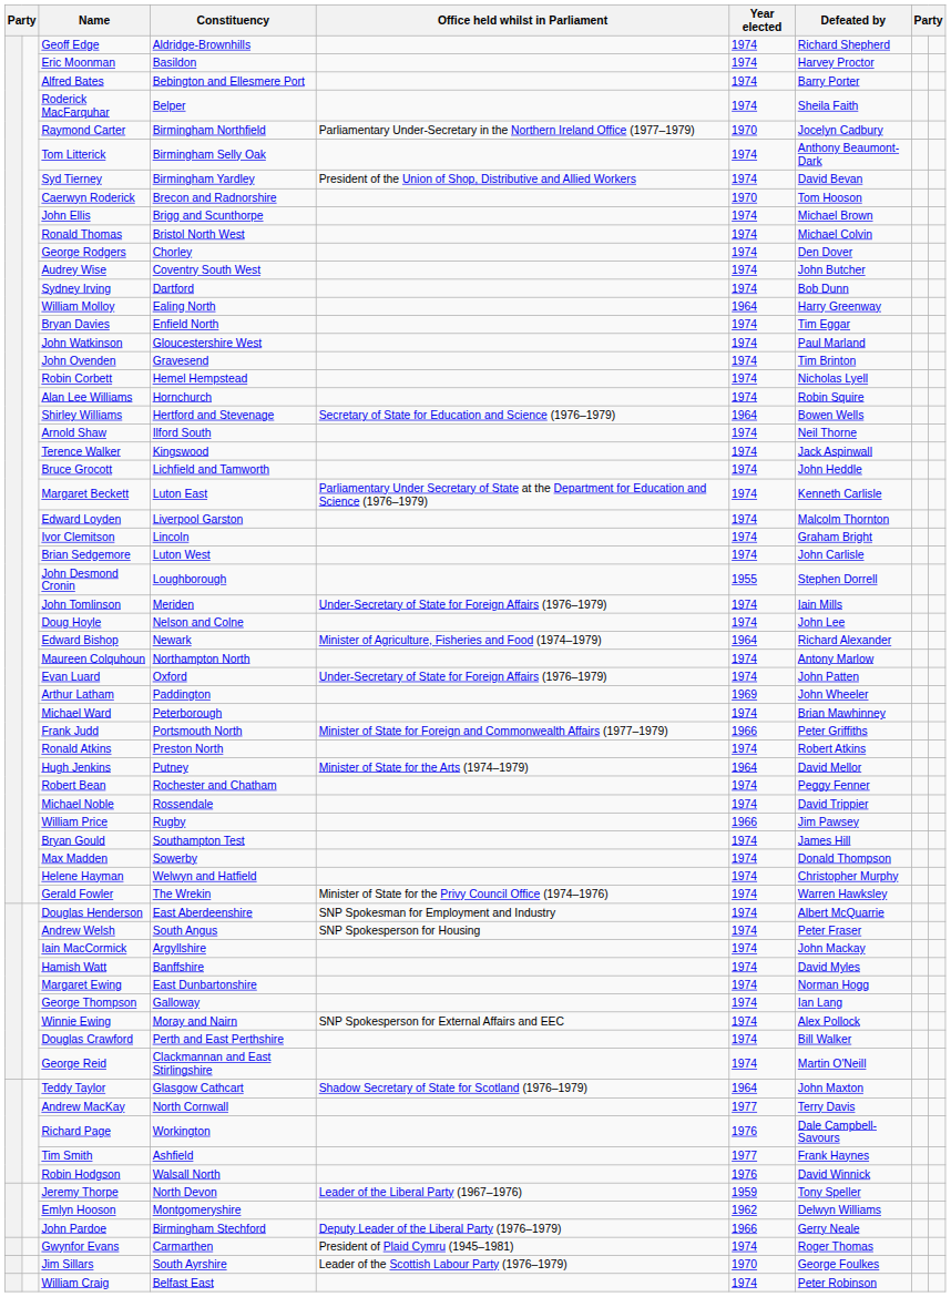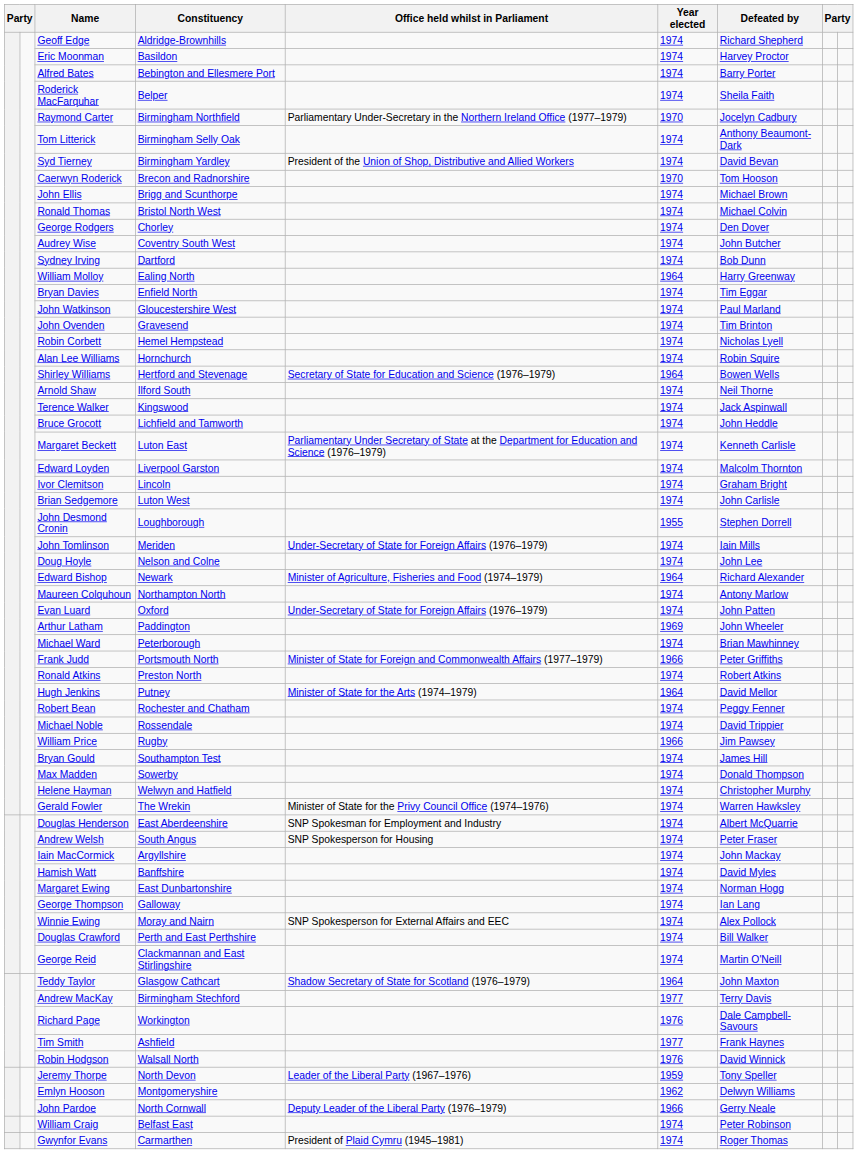 <table class="wikitable sortable" style="font-size: 95%;">
 <tr>
 <th colspan="2">Party</th>
 <th>Name</th>
 <th>Constituency</th>
 <th>Office held whilst in Parliament</th>
 <th>Year elected</th>
 <th>Defeated by</th>
 <th colspan="2">Party</th>
 </tr>
 <tr>
 <th rowspan=45 style="background-color: "></th>
 <td rowspan=45></td>
 <td><a href='#'>Geoff Edge</a></td>
 <td><a href='#'>Aldridge-Brownhills</a></td>
 <td></td>
 <td><a href='#'>1974</a></td>
 <td><a href='#'>Richard Shepherd</a></td>
 <td style="background-color: "></td>
 <td></td>
 </tr>
 <tr>
 <td><a href='#'>Eric Moonman</a></td>
 <td><a href='#'>Basildon</a></td>
 <td></td>
 <td><a href='#'>1974</a></td>
 <td><a href='#'>Harvey Proctor</a></td>
 <td style="background-color: "></td>
 <td></td>
 </tr>
 <tr>
 <td><a href='#'>Alfred Bates</a></td>
 <td><a href='#'>Bebington and Ellesmere Port</a></td>
 <td></td>
 <td><a href='#'>1974</a></td>
 <td><a href='#'>Barry Porter</a></td>
 <td style="background-color: "></td>
 <td></td>
 </tr>
 <tr>
 <td><a href='#'>Roderick MacFarquhar</a></td>
 <td><a href='#'>Belper</a></td>
 <td></td>
 <td><a href='#'>1974</a></td>
 <td><a href='#'>Sheila Faith</a></td>
 <td style="background-color: "></td>
 <td></td>
 </tr>
 <tr>
 <td><a href='#'>Raymond Carter</a></td>
 <td><a href='#'>Birmingham Northfield</a></td>
 <td>Parliamentary Under-Secretary in the <a href='#'>Northern Ireland Office</a> (1977–1979)</td>
 <td><a href='#'>1970</a></td>
 <td><a href='#'>Jocelyn Cadbury</a></td>
 <td style="background-color: "></td>
 <td></td>
 </tr>
 <tr>
 <td><a href='#'>Tom Litterick</a></td>
 <td><a href='#'>Birmingham Selly Oak</a></td>
 <td></td>
 <td><a href='#'>1974</a></td>
 <td><a href='#'>Anthony Beaumont-Dark</a></td>
 <td style="background-color: "></td>
 <td></td>
 </tr>
 <tr>
 <td><a href='#'>Syd Tierney</a></td>
 <td><a href='#'>Birmingham Yardley</a></td>
 <td>President of the <a href='#'>Union of Shop, Distributive and Allied Workers</a></td>
 <td><a href='#'>1974</a></td>
 <td><a href='#'>David Bevan</a></td>
 <td style="background-color: "></td>
 <td></td>
 </tr>
 <tr>
 <td><a href='#'>Caerwyn Roderick</a></td>
 <td><a href='#'>Brecon and Radnorshire</a></td>
 <td></td>
 <td><a href='#'>1970</a></td>
 <td><a href='#'>Tom Hooson</a></td>
 <td style="background-color: "></td>
 <td></td>
 </tr>
 <tr>
 <td><a href='#'>John Ellis</a></td>
 <td><a href='#'>Brigg and Scunthorpe</a></td>
 <td></td>
 <td><a href='#'>1974</a></td>
 <td><a href='#'>Michael Brown</a></td>
 <td style="background-color: "></td>
 <td></td>
 </tr>
 <tr>
 <td><a href='#'>Ronald Thomas</a></td>
 <td><a href='#'>Bristol North West</a></td>
 <td></td>
 <td><a href='#'>1974</a></td>
 <td><a href='#'>Michael Colvin</a></td>
 <td style="background-color: "></td>
 <td></td>
 </tr>
 <tr>
 <td><a href='#'>George Rodgers</a></td>
 <td><a href='#'>Chorley</a></td>
 <td></td>
 <td><a href='#'>1974</a></td>
 <td><a href='#'>Den Dover</a></td>
 <td style="background-color: "></td>
 <td></td>
 </tr>
 <tr>
 <td><a href='#'>Audrey Wise</a></td>
 <td><a href='#'>Coventry South West</a></td>
 <td></td>
 <td><a href='#'>1974</a></td>
 <td><a href='#'>John Butcher</a></td>
 <td style="background-color: "></td>
 <td></td>
 </tr>
 <tr>
 <td><a href='#'>Sydney Irving</a></td>
 <td><a href='#'>Dartford</a></td>
 <td></td>
 <td><a href='#'>1974</a></td>
 <td><a href='#'>Bob Dunn</a></td>
 <td style="background-color: "></td>
 <td></td>
 </tr>
 <tr>
 <td><a href='#'>William Molloy</a></td>
 <td><a href='#'>Ealing North</a></td>
 <td></td>
 <td><a href='#'>1964</a></td>
 <td><a href='#'>Harry Greenway</a></td>
 <td style="background-color: "></td>
 <td></td>
 </tr>
 <tr>
 <td><a href='#'>Bryan Davies</a></td>
 <td><a href='#'>Enfield North</a></td>
 <td></td>
 <td><a href='#'>1974</a></td>
 <td><a href='#'>Tim Eggar</a></td>
 <td style="background-color: "></td>
 <td></td>
 </tr>
 <tr>
 <td><a href='#'>John Watkinson</a></td>
 <td><a href='#'>Gloucestershire West</a></td>
 <td></td>
 <td><a href='#'>1974</a></td>
 <td><a href='#'>Paul Marland</a></td>
 <td style="background-color: "></td>
 <td></td>
 </tr>
 <tr>
 <td><a href='#'>John Ovenden</a></td>
 <td><a href='#'>Gravesend</a></td>
 <td></td>
 <td><a href='#'>1974</a></td>
 <td><a href='#'>Tim Brinton</a></td>
 <td style="background-color: "></td>
 <td></td>
 </tr>
 <tr>
 <td><a href='#'>Robin Corbett</a></td>
 <td><a href='#'>Hemel Hempstead</a></td>
 <td></td>
 <td><a href='#'>1974</a></td>
 <td><a href='#'>Nicholas Lyell</a></td>
 <td style="background-color: "></td>
 <td></td>
 </tr>
 <tr>
 <td><a href='#'>Alan Lee Williams</a></td>
 <td><a href='#'>Hornchurch</a></td>
 <td></td>
 <td><a href='#'>1974</a></td>
 <td><a href='#'>Robin Squire</a></td>
 <td style="background-color: "></td>
 <td></td>
 </tr>
 <tr>
 <td><a href='#'>Shirley Williams</a></td>
 <td><a href='#'>Hertford and Stevenage</a></td>
 <td><a href='#'>Secretary of State for Education and Science</a> (1976–1979)</td>
 <td><a href='#'>1964</a></td>
 <td><a href='#'>Bowen Wells</a></td>
 <td style="background-color: "></td>
 <td></td>
 </tr>
 <tr>
 <td><a href='#'>Arnold Shaw</a></td>
 <td><a href='#'>Ilford South</a></td>
 <td></td>
 <td><a href='#'>1974</a></td>
 <td><a href='#'>Neil Thorne</a></td>
 <td style="background-color: "></td>
 <td></td>
 </tr>
 <tr>
 <td><a href='#'>Terence Walker</a></td>
 <td><a href='#'>Kingswood</a></td>
 <td></td>
 <td><a href='#'>1974</a></td>
 <td><a href='#'>Jack Aspinwall</a></td>
 <td style="background-color: "></td>
 <td></td>
 </tr>
 <tr>
 <td><a href='#'>Bruce Grocott</a></td>
 <td><a href='#'>Lichfield and Tamworth</a></td>
 <td></td>
 <td><a href='#'>1974</a></td>
 <td><a href='#'>John Heddle</a></td>
 <td style="background-color: "></td>
 <td></td>
 </tr>
 <tr>
 <td><a href='#'>Margaret Beckett</a></td>
 <td><a href='#'>Luton East</a></td>
 <td><a href='#'>Parliamentary Under Secretary of State</a> at the <a href='#'>Department for Education and Science</a> (1976–1979)</td>
 <td><a href='#'>1974</a></td>
 <td><a href='#'>Kenneth Carlisle</a></td>
 <td style="background-color: "></td>
 <td></td>
 </tr>
 <tr>
 <td><a href='#'>Edward Loyden</a></td>
 <td><a href='#'>Liverpool Garston</a></td>
 <td></td>
 <td><a href='#'>1974</a></td>
 <td><a href='#'>Malcolm Thornton</a></td>
 <td style="background-color: "></td>
 <td></td>
 </tr>
 <tr>
 <td><a href='#'>Ivor Clemitson</a></td>
 <td><a href='#'>Lincoln</a></td>
 <td></td>
 <td><a href='#'>1974</a></td>
 <td><a href='#'>Graham Bright</a></td>
 <td style="background-color: "></td>
 <td></td>
 </tr>
 <tr>
 <td><a href='#'>Brian Sedgemore</a></td>
 <td><a href='#'>Luton West</a></td>
 <td></td>
 <td><a href='#'>1974</a></td>
 <td><a href='#'>John Carlisle</a></td>
 <td style="background-color: "></td>
 <td></td>
 </tr>
 <tr>
 <td><a href='#'>John Desmond Cronin</a></td>
 <td><a href='#'>Loughborough</a></td>
 <td></td>
 <td><a href='#'>1955</a></td>
 <td><a href='#'>Stephen Dorrell</a></td>
 <td style="background-color: "></td>
 <td></td>
 </tr>
 <tr>
 <td><a href='#'>John Tomlinson</a></td>
 <td><a href='#'>Meriden</a></td>
 <td><a href='#'>Under-Secretary of State for Foreign Affairs</a> (1976–1979)</td>
 <td><a href='#'>1974</a></td>
 <td><a href='#'>Iain Mills</a></td>
 <td style="background-color: "></td>
 <td></td>
 </tr>
 <tr>
 <td><a href='#'>Doug Hoyle</a></td>
 <td><a href='#'>Nelson and Colne</a></td>
 <td></td>
 <td><a href='#'>1974</a></td>
 <td><a href='#'>John Lee</a></td>
 <td style="background-color: "></td>
 <td></td>
 </tr>
 <tr>
 <td><a href='#'>Edward Bishop</a></td>
 <td><a href='#'>Newark</a></td>
 <td><a href='#'>Minister of Agriculture, Fisheries and Food</a> (1974–1979)</td>
 <td><a href='#'>1964</a></td>
 <td><a href='#'>Richard Alexander</a></td>
 <td style="background-color: "></td>
 <td></td>
 </tr>
 <tr>
 <td><a href='#'>Maureen Colquhoun</a></td>
 <td><a href='#'>Northampton North</a></td>
 <td></td>
 <td><a href='#'>1974</a></td>
 <td><a href='#'>Antony Marlow</a></td>
 <td style="background-color: "></td>
 <td></td>
 </tr>
 <tr>
 <td><a href='#'>Evan Luard</a></td>
 <td><a href='#'>Oxford</a></td>
 <td><a href='#'>Under-Secretary of State for Foreign Affairs</a> (1976–1979)</td>
 <td><a href='#'>1974</a></td>
 <td><a href='#'>John Patten</a></td>
 <td style="background-color: "></td>
 <td></td>
 </tr>
 <tr>
 <td><a href='#'>Arthur Latham</a></td>
 <td><a href='#'>Paddington</a></td>
 <td></td>
 <td><a href='#'>1969</a></td>
 <td><a href='#'>John Wheeler</a></td>
 <td style="background-color: "></td>
 <td></td>
 </tr>
 <tr>
 <td><a href='#'>Michael Ward</a></td>
 <td><a href='#'>Peterborough</a></td>
 <td></td>
 <td><a href='#'>1974</a></td>
 <td><a href='#'>Brian Mawhinney</a></td>
 <td style="background-color: "></td>
 <td></td>
 </tr>
 <tr>
 <td><a href='#'>Frank Judd</a></td>
 <td><a href='#'>Portsmouth North</a></td>
 <td><a href='#'>Minister of State for Foreign and Commonwealth Affairs</a> (1977–1979)</td>
 <td><a href='#'>1966</a></td>
 <td><a href='#'>Peter Griffiths</a></td>
 <td style="background-color: "></td>
 <td></td>
 </tr>
 <tr>
 <td><a href='#'>Ronald Atkins</a></td>
 <td><a href='#'>Preston North</a></td>
 <td></td>
 <td><a href='#'>1974</a></td>
 <td><a href='#'>Robert Atkins</a></td>
 <td style="background-color: "></td>
 <td></td>
 </tr>
 <tr>
 <td><a href='#'>Hugh Jenkins</a></td>
 <td><a href='#'>Putney</a></td>
 <td><a href='#'>Minister of State for the Arts</a> (1974–1979)</td>
 <td><a href='#'>1964</a></td>
 <td><a href='#'>David Mellor</a></td>
 <td style="background-color: "></td>
 <td></td>
 </tr>
 <tr>
 <td><a href='#'>Robert Bean</a></td>
 <td><a href='#'>Rochester and Chatham</a></td>
 <td></td>
 <td><a href='#'>1974</a></td>
 <td><a href='#'>Peggy Fenner</a></td>
 <td style="background-color: "></td>
 <td></td>
 </tr>
 <tr>
 <td><a href='#'>Michael Noble</a></td>
 <td><a href='#'>Rossendale</a></td>
 <td></td>
 <td><a href='#'>1974</a></td>
 <td><a href='#'>David Trippier</a></td>
 <td style="background-color: "></td>
 <td></td>
 </tr>
 <tr>
 <td><a href='#'>William Price</a></td>
 <td><a href='#'>Rugby</a></td>
 <td></td>
 <td><a href='#'>1966</a></td>
 <td><a href='#'>Jim Pawsey</a></td>
 <td style="background-color: "></td>
 <td></td>
 </tr>
 <tr>
 <td><a href='#'>Bryan Gould</a></td>
 <td><a href='#'>Southampton Test</a></td>
 <td></td>
 <td><a href='#'>1974</a></td>
 <td><a href='#'>James Hill</a></td>
 <td style="background-color: "></td>
 <td></td>
 </tr>
 <tr>
 <td><a href='#'>Max Madden</a></td>
 <td><a href='#'>Sowerby</a></td>
 <td></td>
 <td><a href='#'>1974</a></td>
 <td><a href='#'>Donald Thompson</a></td>
 <td style="background-color: "></td>
 <td></td>
 </tr>
 <tr>
 <td><a href='#'>Helene Hayman</a></td>
 <td><a href='#'>Welwyn and Hatfield</a></td>
 <td></td>
 <td><a href='#'>1974</a></td>
 <td><a href='#'>Christopher Murphy</a></td>
 <td style="background-color: "></td>
 <td></td>
 </tr>
 <tr>
 <td><a href='#'>Gerald Fowler</a></td>
 <td><a href='#'>The Wrekin</a></td>
 <td>Minister of State for the <a href='#'>Privy Council Office</a> (1974–1976)</td>
 <td><a href='#'>1974</a></td>
 <td><a href='#'>Warren Hawksley</a></td>
 <td style="background-color: "></td>
 <td></td>
 </tr>
 <tr>
 <th rowspan=9 style="background-color: "></th>
 <td rowspan=9></td>
 <td><a href='#'>Douglas Henderson</a></td>
 <td><a href='#'>East Aberdeenshire</a></td>
 <td>SNP Spokesman for Employment and Industry</td>
 <td><a href='#'>1974</a></td>
 <td><a href='#'>Albert McQuarrie</a></td>
 <td style="background-color: "></td>
 <td></td>
 </tr>
 <tr>
 <td><a href='#'>Andrew Welsh</a></td>
 <td><a href='#'>South Angus</a></td>
 <td>SNP Spokesperson for Housing</td>
 <td><a href='#'>1974</a></td>
 <td><a href='#'>Peter Fraser</a></td>
 <td style="background-color: "></td>
 <td></td>
 </tr>
 <tr>
 <td><a href='#'>Iain MacCormick</a></td>
 <td><a href='#'>Argyllshire</a></td>
 <td></td>
 <td><a href='#'>1974</a></td>
 <td><a href='#'>John Mackay</a></td>
 <td style="background-color: "></td>
 <td></td>
 </tr>
 <tr>
 <td><a href='#'>Hamish Watt</a></td>
 <td><a href='#'>Banffshire</a></td>
 <td></td>
 <td><a href='#'>1974</a></td>
 <td><a href='#'>David Myles</a></td>
 <td style="background-color: "></td>
 <td></td>
 </tr>
 <tr>
 <td><a href='#'>Margaret Ewing</a></td>
 <td><a href='#'>East Dunbartonshire</a></td>
 <td></td>
 <td><a href='#'>1974</a></td>
 <td><a href='#'>Norman Hogg</a></td>
 <td style="background-color: "></td>
 <td></td>
 </tr>
 <tr>
 <td><a href='#'>George Thompson</a></td>
 <td><a href='#'>Galloway</a></td>
 <td></td>
 <td><a href='#'>1974</a></td>
 <td><a href='#'>Ian Lang</a></td>
 <td style="background-color: "></td>
 <td></td>
 </tr>
 <tr>
 <td><a href='#'>Winnie Ewing</a></td>
 <td><a href='#'>Moray and Nairn</a></td>
 <td>SNP Spokesperson for External Affairs and EEC</td>
 <td><a href='#'>1974</a></td>
 <td><a href='#'>Alex Pollock</a></td>
 <td style="background-color: "></td>
 <td></td>
 </tr>
 <tr>
 <td><a href='#'>Douglas Crawford</a></td>
 <td><a href='#'>Perth and East Perthshire</a></td>
 <td></td>
 <td><a href='#'>1974</a></td>
 <td><a href='#'>Bill Walker</a></td>
 <td style="background-color: "></td>
 <td></td>
 </tr>
 <tr>
 <td><a href='#'>George Reid</a></td>
 <td><a href='#'>Clackmannan and East Stirlingshire</a></td>
 <td></td>
 <td><a href='#'>1974</a></td>
 <td><a href='#'>Martin O'Neill</a></td>
 <td style="background-color: "></td>
 <td></td>
 </tr>
 <tr>
 <th rowspan=5 style="background-color: "></th>
 <td rowspan=5></td>
 <td><a href='#'>Teddy Taylor</a></td>
 <td><a href='#'>Glasgow Cathcart</a></td>
 <td><a href='#'>Shadow Secretary of State for Scotland</a> (1976–1979)</td>
 <td><a href='#'>1964</a></td>
 <td><a href='#'>John Maxton</a></td>
 <td style="background-color: "></td>
 <td></td>
 </tr>
 <tr>
 <td><a href='#'>Andrew MacKay</a></td>
-<td><a href='#'>North Cornwall</a></td>
+<td><a href='#'>Birmingham Stechford</a></td>
 <td></td>
 <td><a href='#'>1977</a></td>
 <td><a href='#'>Terry Davis</a></td>
 <td style="background-color: "></td>
 <td></td>
 </tr>
 <tr>
 <td><a href='#'>Richard Page</a></td>
 <td><a href='#'>Workington</a></td>
 <td></td>
 <td><a href='#'>1976</a></td>
 <td><a href='#'>Dale Campbell-Savours</a></td>
 <td style="background-color: "></td>
 <td></td>
 </tr>
 <tr>
 <td><a href='#'>Tim Smith</a></td>
 <td><a href='#'>Ashfield</a></td>
 <td></td>
 <td><a href='#'>1977</a></td>
 <td><a href='#'>Frank Haynes</a></td>
 <td style="background-color: "></td>
 <td></td>
 </tr>
 <tr>
 <td><a href='#'>Robin Hodgson</a></td>
 <td><a href='#'>Walsall North</a></td>
 <td></td>
 <td><a href='#'>1976</a></td>
 <td><a href='#'>David Winnick</a></td>
 <td style="background-color: "></td>
 <td></td>
 </tr>
 <tr>
 <th rowspan=3 style="background-color: "></th>
 <td rowspan=3></td>
 <td><a href='#'>Jeremy Thorpe</a></td>
 <td><a href='#'>North Devon</a></td>
 <td><a href='#'>Leader of the Liberal Party</a> (1967–1976)</td>
 <td><a href='#'>1959</a></td>
 <td><a href='#'>Tony Speller</a></td>
 <td style="background-color: "></td>
 <td></td>
 </tr>
 <tr>
 <td><a href='#'>Emlyn Hooson</a></td>
 <td><a href='#'>Montgomeryshire</a></td>
 <td></td>
 <td><a href='#'>1962</a></td>
 <td><a href='#'>Delwyn Williams</a></td>
 <td style="background-color: "></td>
 <td></td>
 </tr>
 <tr>
 <td><a href='#'>John Pardoe</a></td>
-<td><a href='#'>Birmingham Stechford</a></td>
+<td><a href='#'>North Cornwall</a></td>
 <td><a href='#'>Deputy Leader of the Liberal Party</a> (1976–1979)</td>
 <td><a href='#'>1966</a></td>
 <td><a href='#'>Gerry Neale</a></td>
+<td style="background-color: "></td>
+<td></td>
+</tr>
+<tr>
+<th rowspan=1 style="background-color: "></th>
+<td rowspan=1></td>
+<td><a href='#'>William Craig</a></td>
+<td><a href='#'>Belfast East</a></td>
+<td></td>
+<td><a href='#'>1974</a></td>
+<td><a href='#'>Peter Robinson</a></td>
 <td style="background-color: "></td>
 <td></td>
 </tr>
 <tr>
 <th rowspan=1 style="background-color: "></th>
 <td rowspan=1></td>
 <td><a href='#'>Gwynfor Evans</a></td>
 <td><a href='#'>Carmarthen</a></td>
 <td>President of <a href='#'>Plaid Cymru</a> (1945–1981)</td>
 <td><a href='#'>1974</a></td>
 <td><a href='#'>Roger Thomas</a></td>
 <td style="background-color: "></td>
 <td></td>
 </tr>
-<tr>
-<th rowspan=1 style="background-color: "></th>
-<td rowspan=1></td>
-<td><a href='#'>Jim Sillars</a></td>
-<td><a href='#'>South Ayrshire</a></td>
-<td>Leader of the <a href='#'>Scottish Labour Party</a> (1976–1979)</td>
-<td><a href='#'>1970</a></td>
-<td><a href='#'>George Foulkes</a></td>
-<td style="background-color: "></td>
-<td></td>
-</tr>
-<tr>
-<th rowspan=1 style="background-color: "></th>
-<td rowspan=1></td>
-<td><a href='#'>William Craig</a></td>
-<td><a href='#'>Belfast East</a></td>
-<td></td>
-<td><a href='#'>1974</a></td>
-<td><a href='#'>Peter Robinson</a></td>
-<td style="background-color: "></td>
-<td></td>
-</tr>
 </table>
